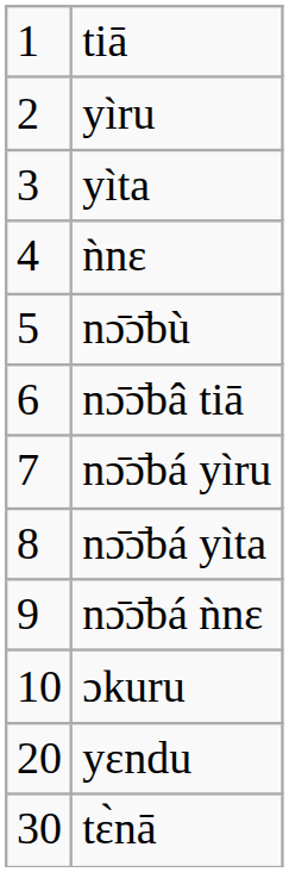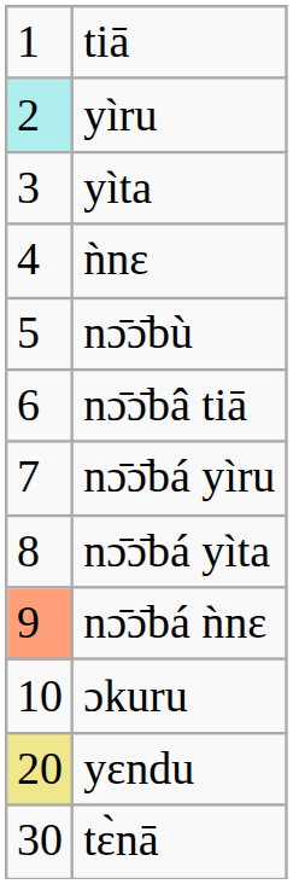 <table class="wikitable">
 <tr>
 <td>1</td>
 <td>tiā</td>
 </tr>
 <tr>
-<td>2</td>
+<td style="background: paleturquoise;">2</td>
 <td>yìru</td>
 </tr>
 <tr>
 <td>3</td>
 <td>yìta</td>
 </tr>
 <tr>
 <td>4</td>
 <td>ǹnɛ</td>
 </tr>
 <tr>
 <td>5</td>
 <td>nɔ̄ɔ̄bù</td>
 </tr>
 <tr>
 <td>6</td>
 <td>nɔ̄ɔ̄bâ tiā</td>
 </tr>
 <tr>
 <td>7</td>
 <td>nɔ̄ɔ̄bá yìru</td>
 </tr>
 <tr>
 <td>8</td>
 <td>nɔ̄ɔ̄bá yìta</td>
 </tr>
 <tr>
-<td>9</td>
+<td style="background: lightsalmon;">9</td>
 <td>nɔ̄ɔ̄bá ǹnɛ</td>
 </tr>
 <tr>
 <td>10</td>
 <td>ɔkuru</td>
 </tr>
 <tr>
-<td>20</td>
+<td style="background: khaki;">20</td>
 <td>yɛndu</td>
 </tr>
 <tr>
 <td>30</td>
 <td>tɛ̀nā</td>
 </tr>
 </table>
